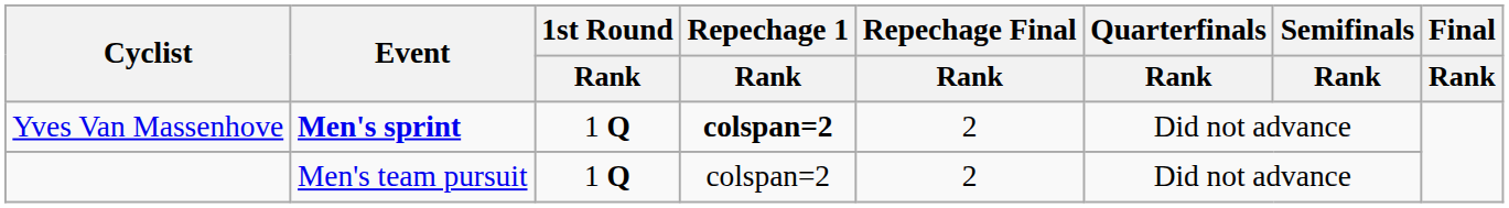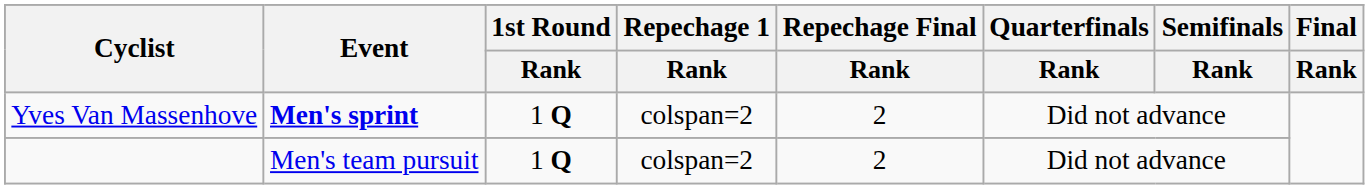 <table class=wikitable style=font-size:90%;text-align:center>
 <tr>
 <th rowspan=2>Cyclist</th>
 <th rowspan=2>Event</th>
 <th>1st Round</th>
 <th>Repechage 1</th>
 <th>Repechage Final</th>
 <th>Quarterfinals</th>
 <th>Semifinals</th>
 <th>Final</th>
 </tr>
 <tr style=font-size:95%>
 <th>Rank</th>
 <th>Rank</th>
 <th>Rank</th>
 <th>Rank</th>
 <th>Rank</th>
 <th>Rank</th>
 </tr>
 <tr>
 <td align=left><a href='#'>Yves Van Massenhove</a></td>
 <td align=left><strong><a href='#'>Men's sprint</a></strong></td>
 <td>1 <strong>Q</strong></td>
-<td><strong>colspan=2 </strong></td>
+<td>colspan=2 </td>
 <td>2</td>
 <td colspan=2>Did not advance</td>
 </tr>
 <tr>
 <td align=left></td>
 <td align=left><a href='#'>Men's team pursuit</a></td>
 <td>1 <strong>Q</strong></td>
 <td>colspan=2 </td>
 <td>2</td>
 <td colspan=2>Did not advance</td>
 </tr>
 </table>
